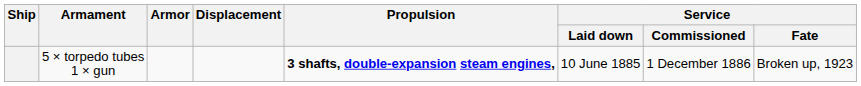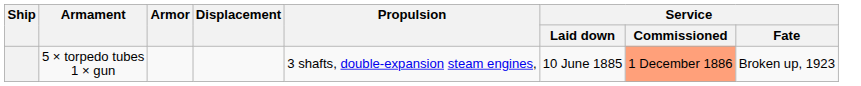 <table class="wikitable plainrowheaders" style="text-align: center;">
 <tr valign="top">
 <th scope="col" rowspan="2">Ship</th>
 <th scope="col" rowspan="2">Armament</th>
 <th scope="col" rowspan="2">Armor</th>
 <th scope="col" rowspan="2">Displacement</th>
 <th scope="col" rowspan="2">Propulsion</th>
 <th scope="col" colspan="3">Service</th>
 </tr>
 <tr valign="top">
 <th scope="col">Laid down</th>
 <th scope="col">Commissioned</th>
 <th scope="col">Fate</th>
 </tr>
 <tr valign="center">
 <th scope="row"></th>
 <td>5 ×  torpedo tubes<br>1 ×  gun</td>
 <td></td>
 <td></td>
-<td><strong>3 shafts, <a href='#'>double-expansion</a> <a href='#'>steam engines</a>, </strong></td>
+<td>3 shafts, <a href='#'>double-expansion</a> <a href='#'>steam engines</a>, </td>
 <td>10 June 1885</td>
-<td>1 December 1886</td>
+<td style="background: lightsalmon;">1 December 1886</td>
 <td>Broken up, 1923</td>
 </tr>
 </table>
